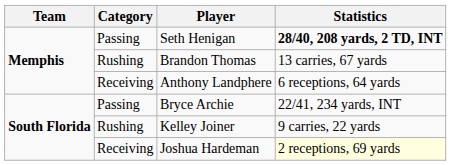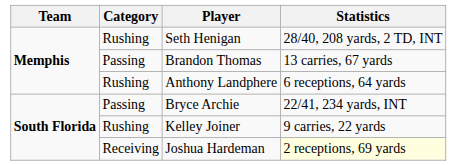 <table class="wikitable" style="float: right;">
 <tr>
 <th>Team</th>
 <th>Category</th>
 <th>Player</th>
 <th>Statistics</th>
 </tr>
 <tr>
 <td rowspan=3><strong>Memphis</strong></td>
-<td>Passing</td>
+<td>Rushing</td>
 <td>Seth Henigan</td>
-<td><strong>28/40, 208 yards, 2 TD, INT</strong></td>
+<td>28/40, 208 yards, 2 TD, INT</td>
 </tr>
 <tr>
-<td>Rushing</td>
+<td>Passing</td>
 <td>Brandon Thomas</td>
 <td>13 carries, 67 yards</td>
 </tr>
 <tr>
-<td>Receiving</td>
+<td>Rushing</td>
 <td>Anthony Landphere</td>
 <td>6 receptions, 64 yards</td>
 </tr>
 <tr>
 <td rowspan=3><strong>South Florida</strong></td>
 <td>Passing</td>
 <td>Bryce Archie</td>
 <td>22/41, 234 yards, INT</td>
 </tr>
 <tr>
 <td>Rushing</td>
 <td>Kelley Joiner</td>
 <td>9 carries, 22 yards</td>
 </tr>
 <tr>
 <td>Receiving</td>
 <td>Joshua Hardeman</td>
 <td style="background: lightyellow;">2 receptions, 69 yards</td>
 </tr>
 </table>
